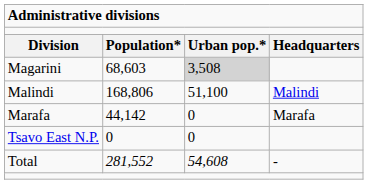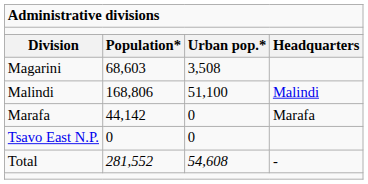 <table class="wikitable">
 <tr>
 <td colspan="4"><strong>Administrative divisions</strong></td>
 </tr>
 <tr>
 <td colspan="4"></td>
 </tr>
 <tr>
 <th>Division</th>
 <th>Population*</th>
 <th>Urban pop.*</th>
 <th>Headquarters</th>
 </tr>
 <tr>
 <td>Magarini</td>
 <td>68,603</td>
-<td style="background: lightgrey;">3,508</td>
+<td>3,508</td>
 <td></td>
 </tr>
 <tr>
 <td>Malindi</td>
 <td>168,806</td>
 <td>51,100</td>
 <td><a href='#'>Malindi</a></td>
 </tr>
 <tr>
 <td>Marafa</td>
 <td>44,142</td>
 <td>0</td>
 <td>Marafa</td>
 </tr>
 <tr>
 <td><a href='#'>Tsavo East N.P.</a></td>
 <td>0</td>
 <td>0</td>
 <td></td>
 </tr>
 <tr>
 <td>Total</td>
 <td><em>281,552</em></td>
 <td><em>54,608</em></td>
 <td>-</td>
 </tr>
 <tr>
 <td colspan="4"></td>
 </tr>
 </table>
